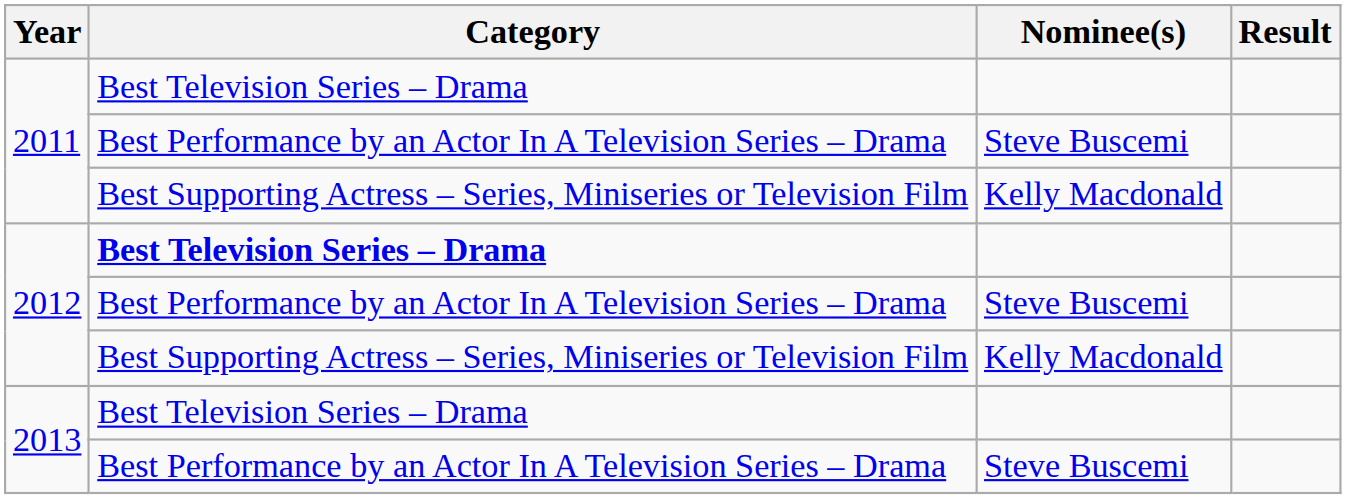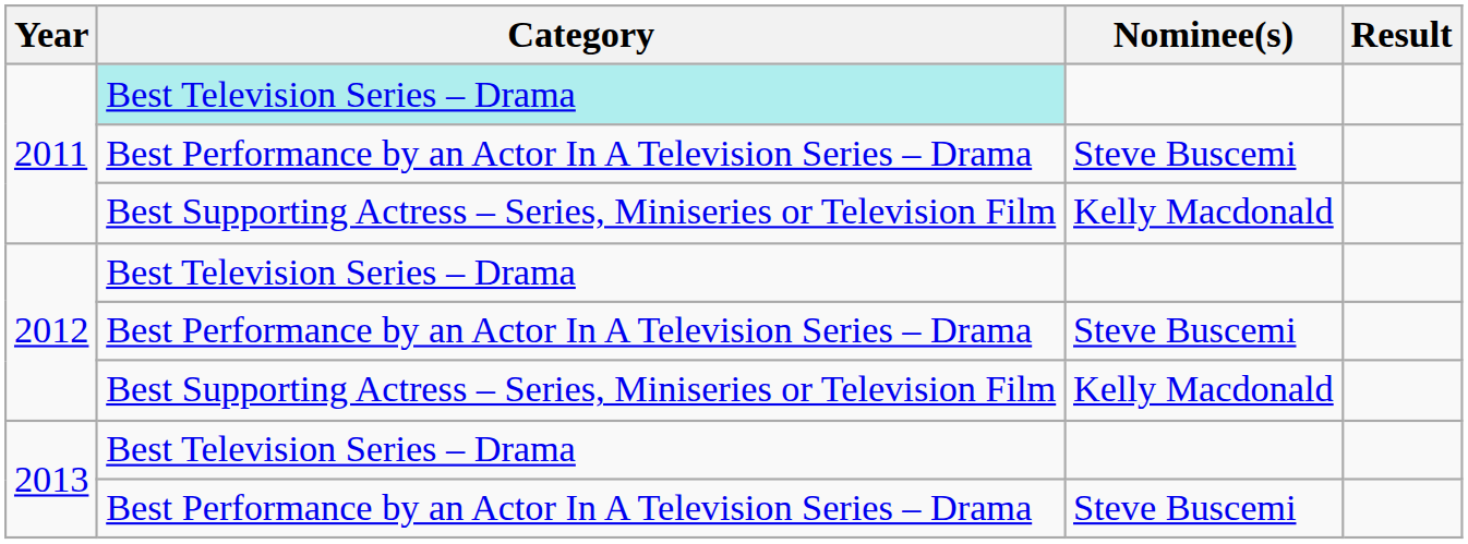 <table class="wikitable">
 <tr>
 <th>Year</th>
 <th>Category</th>
 <th>Nominee(s)</th>
 <th>Result</th>
 </tr>
 <tr>
 <td rowspan=3><a href='#'>2011</a></td>
-<td><a href='#'>Best Television Series – Drama</a></td>
+<td style="background: paleturquoise;"><a href='#'>Best Television Series – Drama</a></td>
 <td></td>
 <td></td>
 </tr>
 <tr>
 <td><a href='#'>Best Performance by an Actor In A Television Series – Drama</a></td>
 <td><a href='#'>Steve Buscemi</a></td>
 <td></td>
 </tr>
 <tr>
 <td><a href='#'>Best Supporting Actress – Series, Miniseries or Television Film</a></td>
 <td><a href='#'>Kelly Macdonald</a></td>
 <td></td>
 </tr>
 <tr>
 <td rowspan=3><a href='#'>2012</a></td>
-<td><strong><a href='#'>Best Television Series – Drama</a></strong></td>
+<td><a href='#'>Best Television Series – Drama</a></td>
 <td></td>
 <td></td>
 </tr>
 <tr>
 <td><a href='#'>Best Performance by an Actor In A Television Series – Drama</a></td>
 <td><a href='#'>Steve Buscemi</a></td>
 <td></td>
 </tr>
 <tr>
 <td><a href='#'>Best Supporting Actress – Series, Miniseries or Television Film</a></td>
 <td><a href='#'>Kelly Macdonald</a></td>
 <td></td>
 </tr>
 <tr>
 <td rowspan=2><a href='#'>2013</a></td>
 <td><a href='#'>Best Television Series – Drama</a></td>
 <td></td>
 <td></td>
 </tr>
 <tr>
 <td><a href='#'>Best Performance by an Actor In A Television Series – Drama</a></td>
 <td><a href='#'>Steve Buscemi</a></td>
 <td></td>
 </tr>
 </table>
